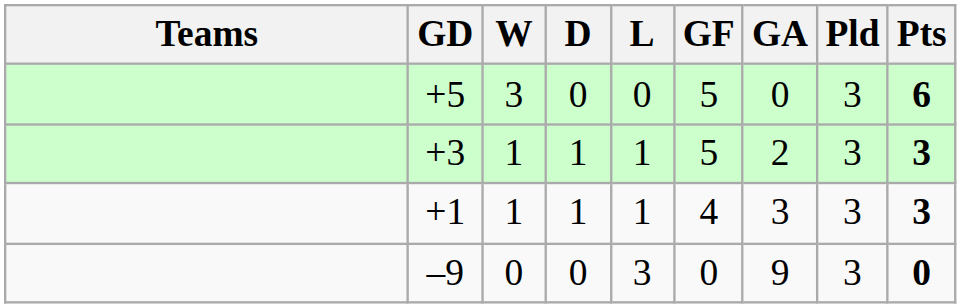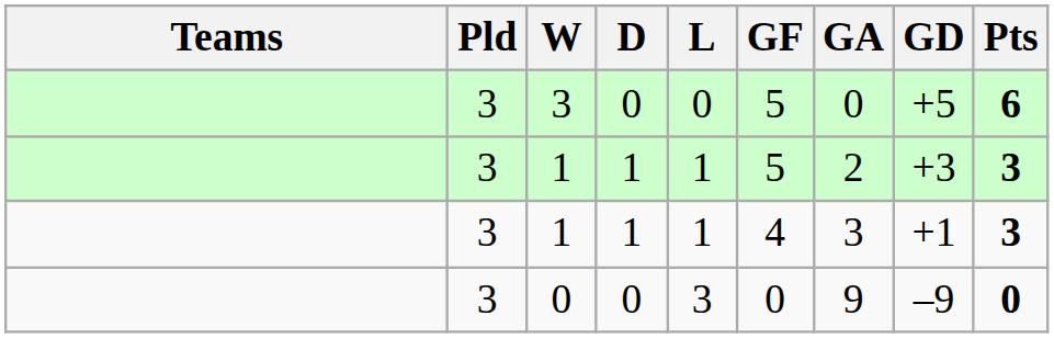 <table class="wikitable" style="text-align: center;">
 <tr>
 <th width=165>Teams</th>
-<th width=20>GD</th>
+<th width=20>Pld</th>
 <th width=20>W</th>
 <th width=20>D</th>
 <th width=20>L</th>
 <th width=20>GF</th>
 <th width=20>GA</th>
-<th width=20>Pld</th>
+<th width=20>GD</th>
 <th width=20>Pts</th>
 </tr>
 <tr align=center style="background:#ccffcc;">
 <td style="text-align:left;"></td>
-<td>+5</td>
+<td>3</td>
 <td>3</td>
 <td>0</td>
 <td>0</td>
 <td>5</td>
 <td>0</td>
-<td>3</td>
+<td>+5</td>
 <td><strong>6</strong></td>
 </tr>
 <tr align=center style="background:#ccffcc;">
 <td style="text-align:left;"></td>
-<td>+3</td>
+<td>3</td>
 <td>1</td>
 <td>1</td>
 <td>1</td>
 <td>5</td>
 <td>2</td>
-<td>3</td>
+<td>+3</td>
 <td><strong>3</strong></td>
 </tr>
 <tr align=center>
 <td style="text-align:left;"></td>
-<td>+1</td>
+<td>3</td>
 <td>1</td>
 <td>1</td>
 <td>1</td>
 <td>4</td>
 <td>3</td>
-<td>3</td>
+<td>+1</td>
 <td><strong>3</strong></td>
 </tr>
 <tr align=center>
 <td style="text-align:left;"></td>
-<td>–9</td>
+<td>3</td>
 <td>0</td>
 <td>0</td>
 <td>3</td>
 <td>0</td>
 <td>9</td>
-<td>3</td>
+<td>–9</td>
 <td><strong>0</strong></td>
 </tr>
 </table>
